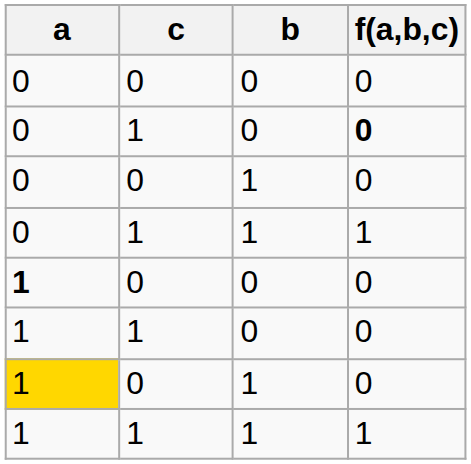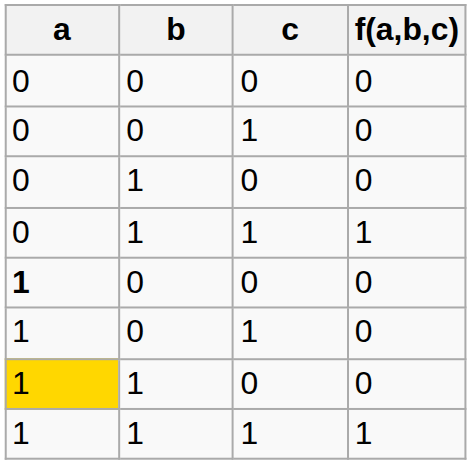 <table class="wikitable" style="margin: 1em auto 1em auto">
 <tr>
 <th width="50">a</th>
+<th width="50">b</th>
 <th width="50">c</th>
-<th width="50">b</th>
 <th width="50">f(a,b,c)</th>
 </tr>
 <tr>
 <td>0</td>
 <td>0</td>
 <td>0</td>
 <td>0</td>
 </tr>
 <tr>
 <td>0</td>
+<td>0</td>
 <td>1</td>
 <td>0</td>
-<td><strong>0</strong></td>
 </tr>
 <tr>
 <td>0</td>
+<td>1</td>
 <td>0</td>
-<td>1</td>
 <td>0</td>
 </tr>
 <tr>
 <td>0</td>
 <td>1</td>
 <td>1</td>
 <td>1</td>
 </tr>
 <tr>
 <td><strong>1</strong></td>
 <td>0</td>
 <td>0</td>
 <td>0</td>
 </tr>
 <tr>
 <td>1</td>
+<td>0</td>
 <td>1</td>
-<td>0</td>
 <td>0</td>
 </tr>
 <tr>
 <td style="background: gold;">1</td>
+<td>1</td>
 <td>0</td>
-<td>1</td>
 <td>0</td>
 </tr>
 <tr>
 <td>1</td>
 <td>1</td>
 <td>1</td>
 <td>1</td>
 </tr>
 </table>
